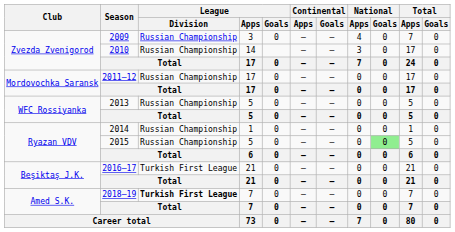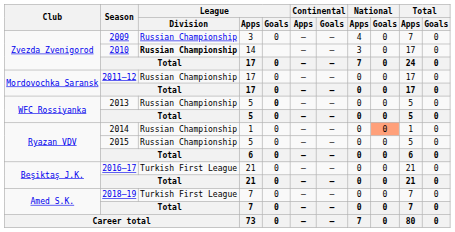 <table class="wikitable" style="text-align: center;">
 <tr>
 <th rowspan=2>Club</th>
 <th rowspan=2>Season</th>
 <th colspan=3>League</th>
 <th colspan=2>Continental</th>
 <th colspan=2>National</th>
 <th colspan=2>Total</th>
 </tr>
 <tr>
 <th>Division</th>
 <th>Apps</th>
 <th>Goals</th>
 <th>Apps</th>
 <th>Goals</th>
 <th>Apps</th>
 <th>Goals</th>
 <th>Apps</th>
 <th>Goals</th>
 </tr>
 <tr>
 <td rowspan=3><a href='#'>Zvezda Zvenigorod</a></td>
 <td><a href='#'>2009</a></td>
 <td><a href='#'>Russian Championship</a></td>
 <td>3</td>
 <td>0</td>
 <td>–</td>
 <td>–</td>
 <td>4</td>
 <td>0</td>
 <td>7</td>
 <td>0</td>
 </tr>
 <tr>
 <td><a href='#'>2010</a></td>
-<td>Russian Championship</td>
+<td><strong>Russian Championship</strong></td>
 <td>14</td>
 <td></td>
 <td>–</td>
 <td>–</td>
 <td>3</td>
 <td>0</td>
 <td>17</td>
 <td>0</td>
 </tr>
 <tr>
 <th colspan=2>Total</th>
 <th>17</th>
 <th>0</th>
 <th>–</th>
 <th>–</th>
 <th>7</th>
 <th>0</th>
 <th>24</th>
 <th>0</th>
 </tr>
 <tr>
 <td rowspan=2><a href='#'>Mordovochka Saransk</a></td>
 <td><a href='#'>2011–12</a></td>
 <td>Russian Championship</td>
 <td>17</td>
 <td>0</td>
 <td>–</td>
 <td>–</td>
 <td>0</td>
 <td>0</td>
 <td>17</td>
 <td>0</td>
 </tr>
 <tr>
 <th colspan=2>Total</th>
 <th>17</th>
 <th>0</th>
 <th>–</th>
 <th>–</th>
 <th>0</th>
 <th>0</th>
 <th>17</th>
 <th>0</th>
 </tr>
 <tr>
 <td rowspan=2><a href='#'>WFC Rossiyanka</a></td>
 <td>2013</td>
 <td>Russian Championship</td>
 <td>5</td>
-<td>0</td>
+<td><strong>0</strong></td>
 <td>–</td>
 <td>–</td>
 <td>0</td>
 <td>0</td>
 <td>5</td>
 <td>0</td>
 </tr>
 <tr>
 <th colspan=2>Total</th>
 <th>5</th>
 <th>0</th>
 <th>–</th>
 <th>–</th>
 <th>0</th>
 <th>0</th>
 <th>5</th>
 <th>0</th>
 </tr>
 <tr>
 <td rowspan=3><a href='#'>Ryazan VDV</a></td>
 <td>2014</td>
 <td>Russian Championship</td>
 <td>1</td>
 <td>0</td>
 <td>–</td>
 <td>–</td>
 <td>0</td>
-<td>0</td>
+<td style="background: lightsalmon;">0</td>
 <td>1</td>
 <td>0</td>
 </tr>
 <tr>
 <td>2015</td>
 <td>Russian Championship</td>
 <td>5</td>
 <td>0</td>
 <td>–</td>
 <td>–</td>
 <td>0</td>
-<td style="background: lightgreen;">0</td>
+<td>0</td>
 <td>5</td>
 <td>0</td>
 </tr>
 <tr>
 <th colspan=2>Total</th>
 <th>6</th>
 <th>0</th>
 <th>–</th>
 <th>–</th>
 <th>0</th>
 <th>0</th>
 <th>6</th>
 <th>0</th>
 </tr>
 <tr>
 <td rowspan=2><a href='#'>Beşiktaş J.K.</a></td>
 <td><a href='#'>2016–17</a></td>
 <td>Turkish First League</td>
 <td>21</td>
 <td>0</td>
 <td>–</td>
 <td>–</td>
 <td>0</td>
 <td>0</td>
 <td>21</td>
 <td>0</td>
 </tr>
 <tr>
 <th colspan=2>Total</th>
 <th>21</th>
 <th>0</th>
 <th>–</th>
 <th>–</th>
 <th>0</th>
 <th>0</th>
 <th>21</th>
 <th>0</th>
 </tr>
 <tr>
 <td rowspan=2><a href='#'>Amed S.K.</a></td>
 <td><a href='#'>2018–19</a></td>
-<td><strong>Turkish First League</strong></td>
+<td>Turkish First League</td>
 <td>7</td>
 <td>0</td>
 <td>–</td>
 <td>–</td>
 <td>0</td>
 <td>0</td>
 <td>7</td>
 <td>0</td>
 </tr>
 <tr>
 <th colspan=2>Total</th>
 <th>7</th>
 <th>0</th>
 <th>–</th>
 <th>–</th>
 <th>0</th>
 <th>0</th>
 <th>7</th>
 <th>0</th>
 </tr>
 <tr>
 <th colspan=3>Career total</th>
 <th>73</th>
 <th>0</th>
 <th>–</th>
 <th>–</th>
 <th>7</th>
 <th>0</th>
 <th>80</th>
 <th>0</th>
 </tr>
 </table>
